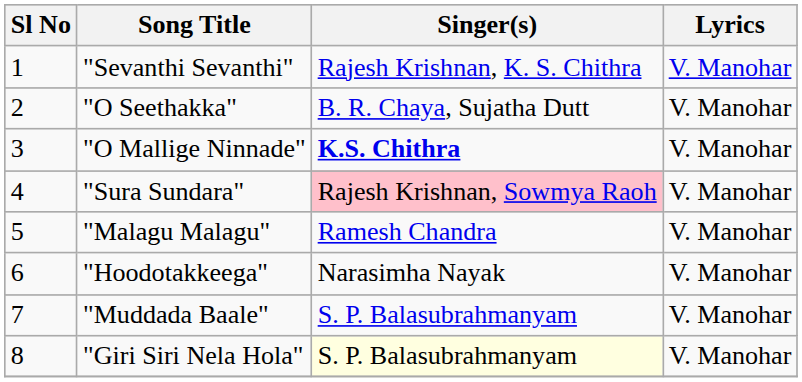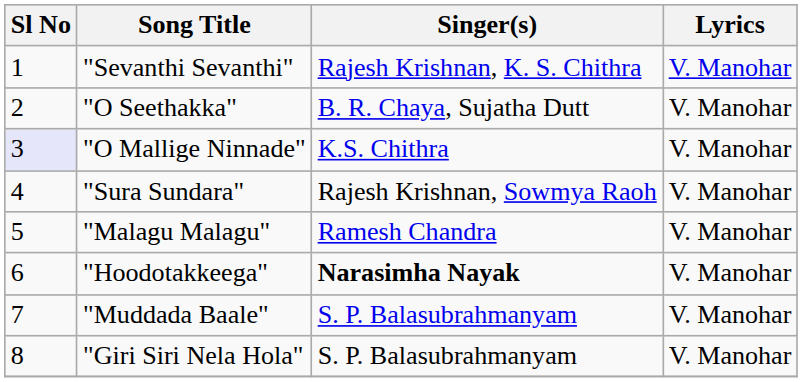 <table class="wikitable">
 <tr>
 <th>Sl No</th>
 <th>Song Title</th>
 <th>Singer(s)</th>
 <th>Lyrics</th>
 </tr>
 <tr>
 <td>1</td>
 <td>"Sevanthi Sevanthi"</td>
 <td><a href='#'>Rajesh Krishnan</a>, <a href='#'>K. S. Chithra</a></td>
 <td><a href='#'>V. Manohar</a></td>
 </tr>
 <tr>
 <td>2</td>
 <td>"O Seethakka"</td>
 <td><a href='#'>B. R. Chaya</a>, Sujatha Dutt</td>
 <td>V. Manohar</td>
 </tr>
 <tr>
-<td>3</td>
+<td style="background: lavender;">3</td>
 <td>"O Mallige Ninnade"</td>
-<td><strong><a href='#'>K.S. Chithra</a></strong></td>
+<td><a href='#'>K.S. Chithra</a></td>
 <td>V. Manohar</td>
 </tr>
 <tr>
 <td>4</td>
 <td>"Sura Sundara"</td>
-<td style="background: pink;">Rajesh Krishnan, <a href='#'>Sowmya Raoh</a></td>
+<td>Rajesh Krishnan, <a href='#'>Sowmya Raoh</a></td>
 <td>V. Manohar</td>
 </tr>
 <tr>
 <td>5</td>
 <td>"Malagu Malagu"</td>
 <td><a href='#'>Ramesh Chandra</a></td>
 <td>V. Manohar</td>
 </tr>
 <tr>
 <td>6</td>
 <td>"Hoodotakkeega"</td>
-<td>Narasimha Nayak</td>
+<td><strong>Narasimha Nayak</strong></td>
 <td>V. Manohar</td>
 </tr>
 <tr>
 <td>7</td>
 <td>"Muddada Baale"</td>
 <td><a href='#'>S. P. Balasubrahmanyam</a></td>
 <td>V. Manohar</td>
 </tr>
 <tr>
 <td>8</td>
 <td>"Giri Siri Nela Hola"</td>
-<td style="background: lightyellow;">S. P. Balasubrahmanyam</td>
+<td>S. P. Balasubrahmanyam</td>
 <td>V. Manohar</td>
 </tr>
 <tr 9 ||   "O Mallige"       ||  K S Chitra       || V. Manohar>
 </tr>
 </table>
